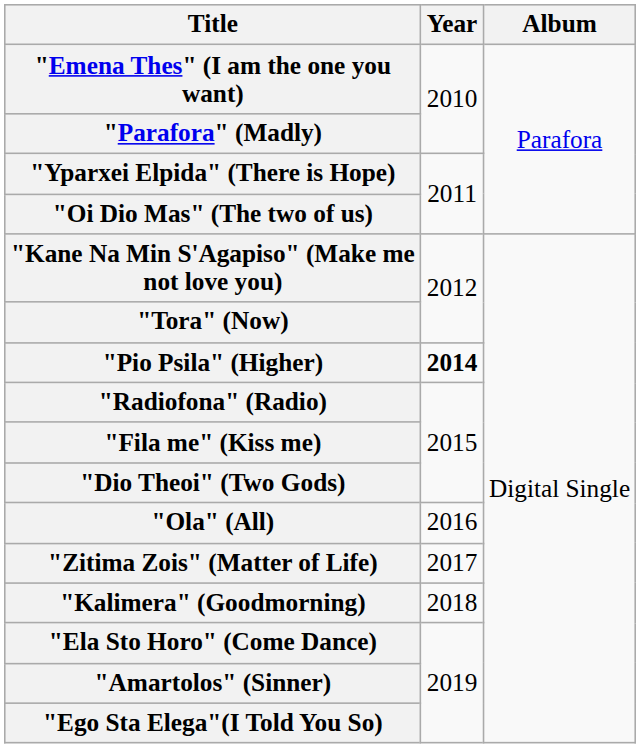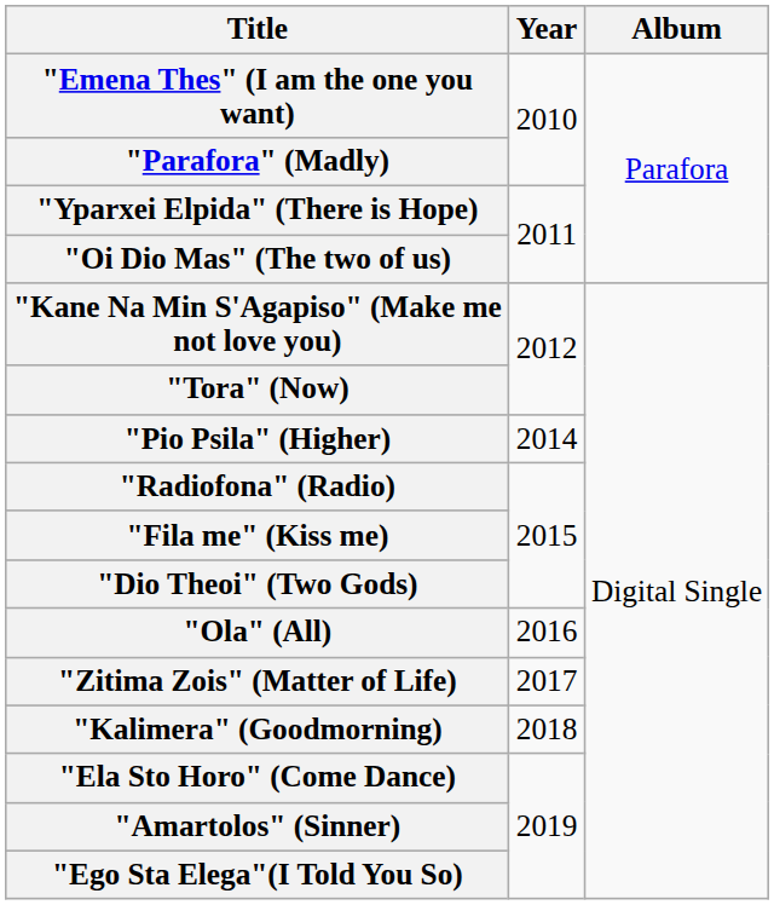 <table class="wikitable plainrowheaders" style="text-align:center;">
 <tr>
 <th scope="col" style="width:16em;">Title</th>
 <th scope="col">Year</th>
 <th scope="col">Album</th>
 </tr>
 <tr>
 <th scope="row">"<a href='#'>Emena Thes</a>" (I am the one you want)</th>
 <td rowspan="2">2010</td>
 <td rowspan="4"><a href='#'>Parafora</a></td>
 </tr>
 <tr>
 <th scope="row">"<a href='#'>Parafora</a>" (Madly)</th>
 </tr>
 <tr>
 <th scope="row">"Yparxei Elpida" (There is Hope)</th>
 <td rowspan="2">2011</td>
 </tr>
 <tr>
 <th scope="row">"Oi Dio Mas" (The two of us)</th>
 </tr>
 <tr>
 <th scope="row">"Kane Na Min S'Agapiso" (Make me not love you)</th>
 <td rowspan="2">2012</td>
 <td rowspan="12">Digital Single</td>
 </tr>
 <tr>
 <th scope="row">"Tora" (Now)</th>
 </tr>
 <tr>
 <th scope="row">"Pio Psila" (Higher)</th>
-<td><strong>2014</strong></td>
+<td>2014</td>
 </tr>
 <tr>
 <th scope="row">"Radiofona" (Radio)</th>
 <td rowspan="3">2015</td>
 </tr>
 <tr>
 <th scope="row">"Fila me" (Kiss me)</th>
 </tr>
 <tr>
 <th scope="row">"Dio Theoi" (Two Gods)</th>
 </tr>
 <tr>
 <th scope="row">"Ola" (All)</th>
 <td>2016</td>
 </tr>
 <tr>
 <th scope="row">"Zitima Zois" (Matter of Life)</th>
 <td>2017</td>
 </tr>
 <tr>
 <th scope="row">"Kalimera" (Goodmorning)</th>
 <td>2018</td>
 </tr>
 <tr>
 <th scope="row">"Ela Sto Horo" (Come Dance)</th>
 <td rowspan="3">2019</td>
 </tr>
 <tr>
 <th scope="row">"Amartolos" (Sinner)</th>
 </tr>
 <tr>
 <th scope="row">"Ego Sta Elega"(I Told You So)</th>
 </tr>
 </table>
